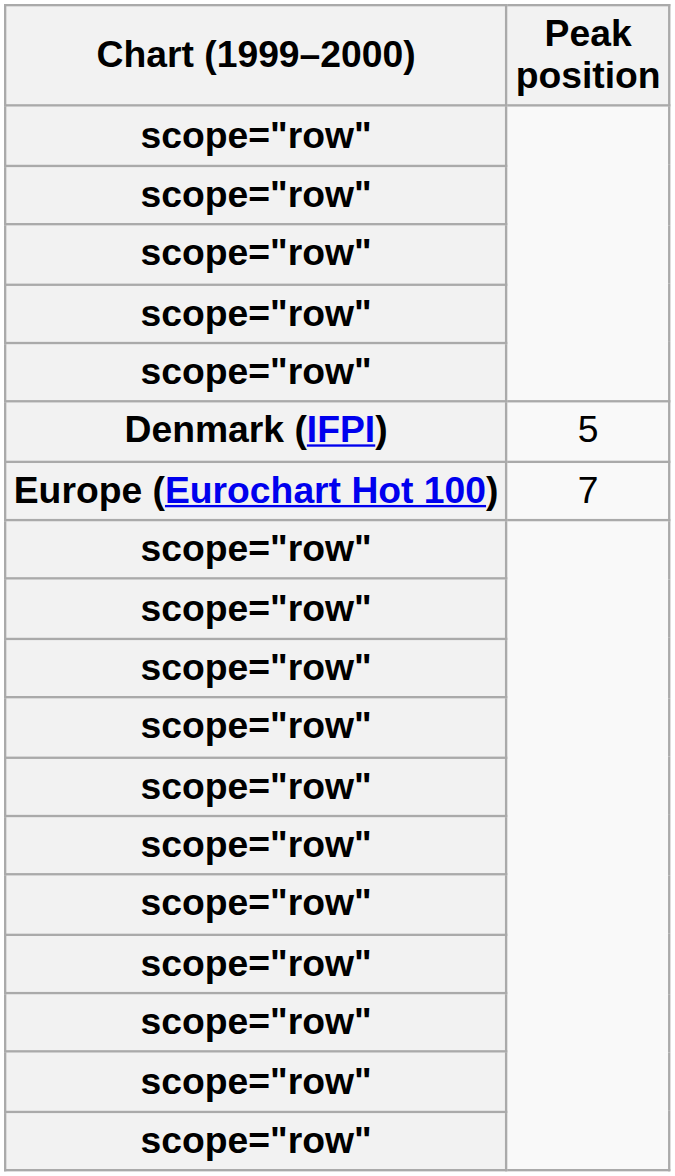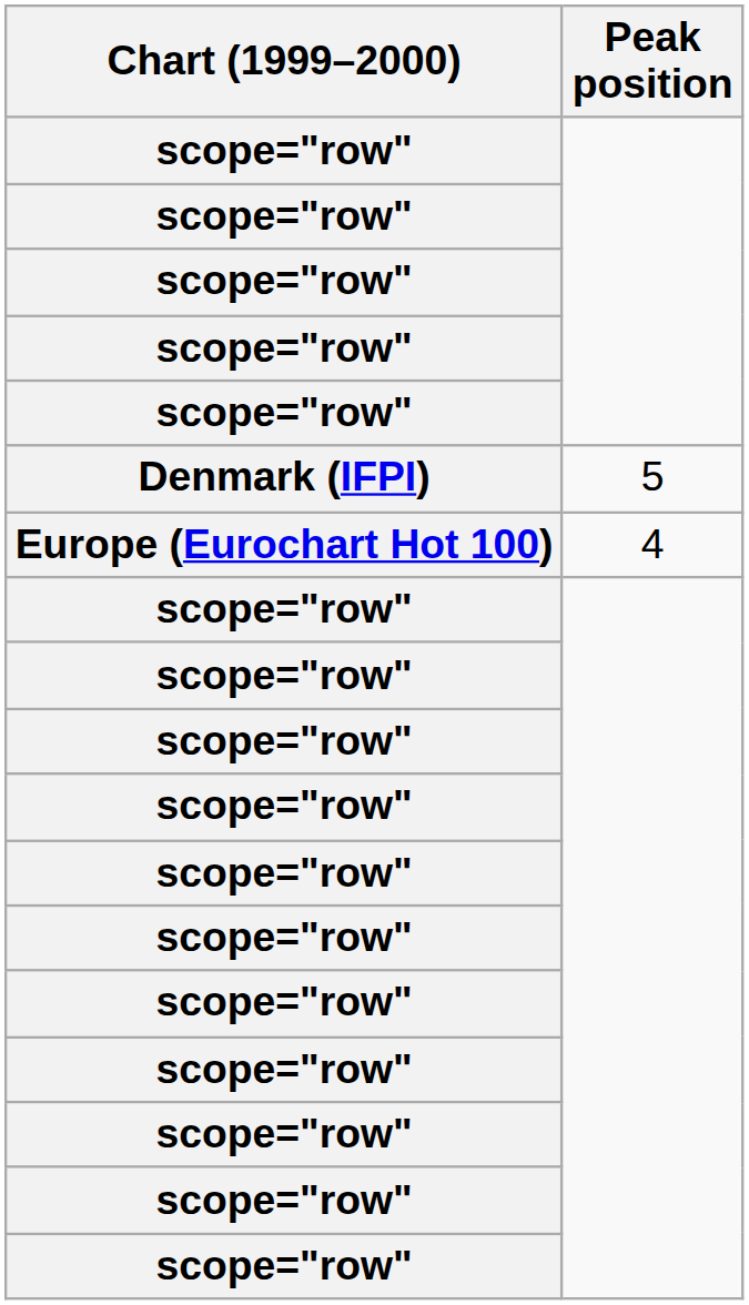 <table class="wikitable sortable plainrowheaders" style="text-align:center">
 <tr>
 <th scope="col">Chart (1999–2000)</th>
 <th scope="col">Peak<br>position</th>
 </tr>
 <tr>
 <th>scope="row"</th>
 </tr>
 <tr>
 <th>scope="row"</th>
 </tr>
 <tr>
 <th>scope="row"</th>
 </tr>
 <tr>
 <th>scope="row"</th>
 </tr>
 <tr>
 <th>scope="row"</th>
 </tr>
 <tr>
 <th scope="row">Denmark (<a href='#'>IFPI</a>)</th>
 <td>5</td>
 </tr>
 <tr>
 <th scope="row">Europe (<a href='#'>Eurochart Hot 100</a>)</th>
-<td>7</td>
+<td>4</td>
 </tr>
 <tr>
 <th>scope="row"</th>
 </tr>
 <tr>
 <th>scope="row"</th>
 </tr>
 <tr>
 <th>scope="row"</th>
 </tr>
 <tr>
 <th>scope="row"</th>
 </tr>
 <tr>
 <th>scope="row"</th>
 </tr>
 <tr>
 <th>scope="row"</th>
 </tr>
 <tr>
 <th>scope="row"</th>
 </tr>
 <tr>
 <th>scope="row"</th>
 </tr>
 <tr>
 <th>scope="row"</th>
 </tr>
 <tr>
 <th>scope="row"</th>
 </tr>
 <tr>
 <th>scope="row"</th>
 </tr>
 </table>
